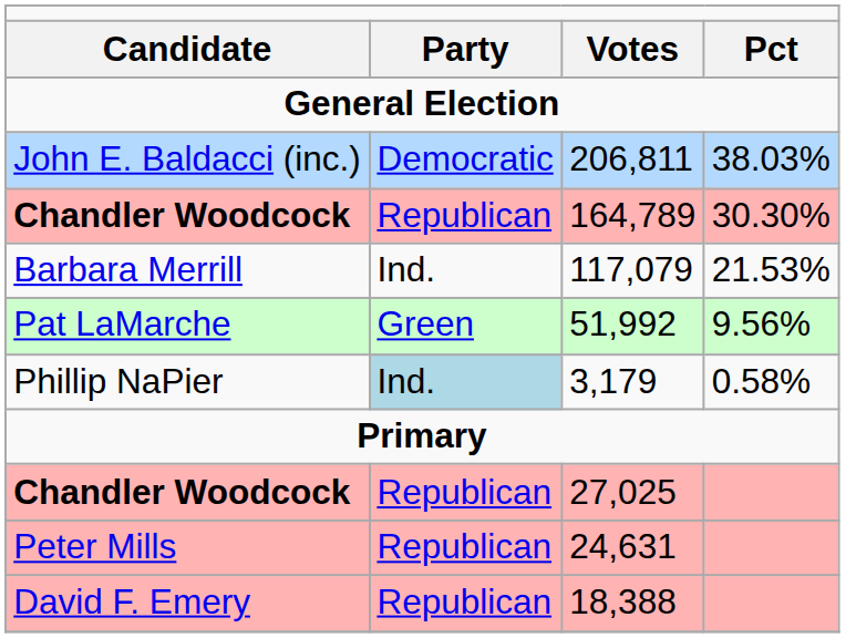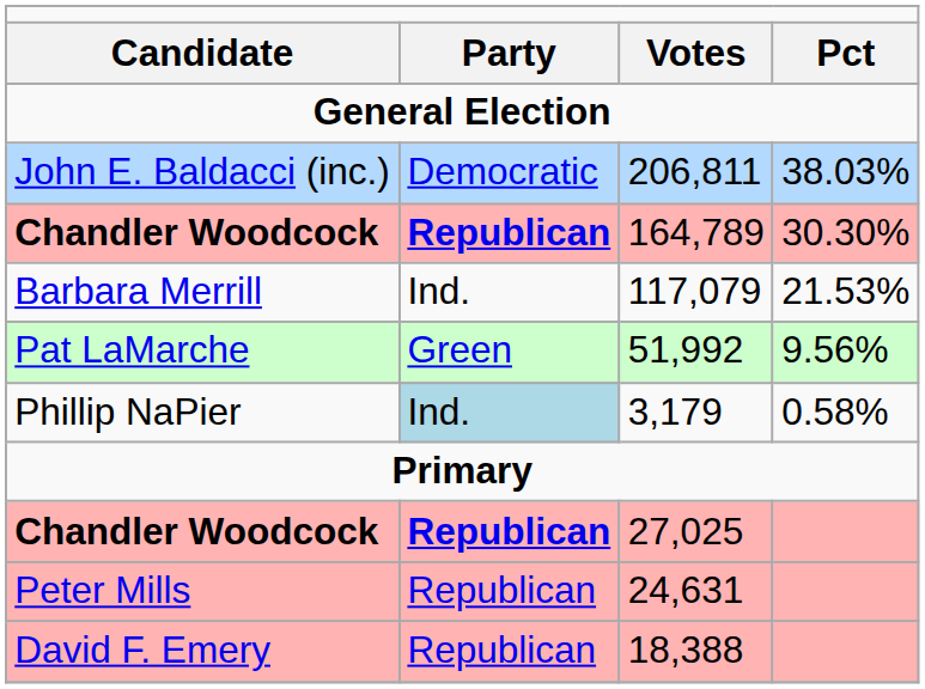 <table class="wikitable">
 <tr>
 <td colspan=4></td>
 </tr>
 <tr>
 <th>Candidate</th>
 <th>Party</th>
 <th>Votes</th>
 <th>Pct</th>
 </tr>
 <tr>
 <td colspan=4 style="text-align:center;"><strong>General Election</strong></td>
 </tr>
 <tr>
 <td bgcolor=#B3D9FF><a href='#'>John E. Baldacci</a> (inc.)</td>
 <td bgcolor=#B3D9FF><a href='#'>Democratic</a></td>
 <td bgcolor=#B3D9FF>206,811</td>
 <td bgcolor=#B3D9FF>38.03%</td>
 </tr>
 <tr>
 <td bgcolor=#FFB3B3><strong>Chandler Woodcock</strong></td>
-<td bgcolor=#FFB3B3><a href='#'>Republican</a></td>
+<td bgcolor=#FFB3B3><strong><a href='#'>Republican</a></strong></td>
 <td bgcolor=#FFB3B3>164,789</td>
 <td bgcolor=#FFB3B3>30.30%</td>
 </tr>
 <tr>
 <td><a href='#'>Barbara Merrill</a></td>
 <td>Ind.</td>
 <td>117,079</td>
 <td>21.53%</td>
 </tr>
 <tr>
 <td bgcolor=#CCFFCC><a href='#'>Pat LaMarche</a></td>
 <td bgcolor=#CCFFCC><a href='#'>Green</a></td>
 <td bgcolor=#CCFFCC>51,992</td>
 <td bgcolor=#CCFFCC>9.56%</td>
 </tr>
 <tr>
 <td>Phillip NaPier</td>
 <td style="background: lightblue;">Ind.</td>
 <td>3,179</td>
 <td>0.58%</td>
 </tr>
 <tr>
 <td colspan=4 style="text-align:center;"><strong>Primary</strong></td>
 </tr>
 <tr>
 <td bgcolor=#FFB3B3><strong>Chandler Woodcock</strong></td>
-<td bgcolor=#FFB3B3><a href='#'>Republican</a></td>
+<td bgcolor=#FFB3B3><strong><a href='#'>Republican</a></strong></td>
 <td bgcolor=#FFB3B3>27,025</td>
 <td bgcolor=#FFB3B3></td>
 </tr>
 <tr>
 <td bgcolor=#FFB3B3><a href='#'>Peter Mills</a></td>
 <td bgcolor=#FFB3B3><a href='#'>Republican</a></td>
 <td bgcolor=#FFB3B3>24,631</td>
 <td bgcolor=#FFB3B3></td>
 </tr>
 <tr>
 <td bgcolor=#FFB3B3><a href='#'>David F. Emery</a></td>
 <td bgcolor=#FFB3B3><a href='#'>Republican</a></td>
 <td bgcolor=#FFB3B3>18,388</td>
 <td bgcolor=#FFB3B3></td>
 </tr>
 <tr>
 </tr>
 </table>
